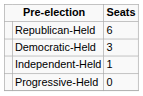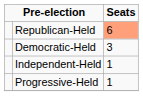 <table class= "wikitable">
 <tr>
 <td colspan= "2" rowspan= "1" align= "center" valign= "top"><strong>Pre-election</strong></td>
 <td valign= "top"><strong>Seats</strong><br></td>
 </tr>
 <tr>
 <td style="background-color:"> </td>
 <td>Republican-Held</td>
-<td>6</td>
+<td style="background: lightsalmon;">6</td>
 </tr>
 <tr>
 <td style="background-color:"> </td>
 <td>Democratic-Held</td>
 <td>3</td>
 </tr>
 <tr>
 <td style="background-color:"> </td>
 <td>Independent-Held</td>
 <td>1</td>
 </tr>
 <tr>
 <td style="background-color:"> </td>
 <td>Progressive-Held</td>
-<td>0</td>
+<td>1</td>
 </tr>
 <tr>
 </tr>
 </table>
